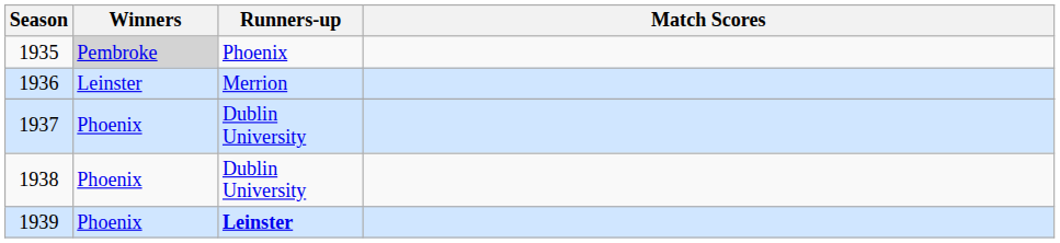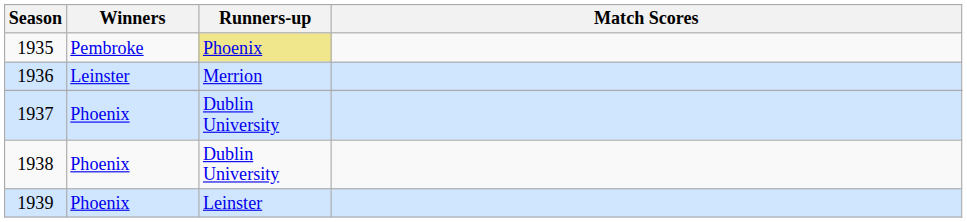 <table class="wikitable">
 <tr>
 <th>Season</th>
 <th width="110">Winners</th>
 <th width="110">Runners-up</th>
 <th width="550">Match Scores</th>
 </tr>
 <tr>
 <td align="center">1935</td>
-<td style="background: lightgrey;"><a href='#'>Pembroke</a></td>
-<td><a href='#'>Phoenix</a></td>
+<td><a href='#'>Pembroke</a></td>
+<td style="background: khaki;"><a href='#'>Phoenix</a></td>
 <td></td>
 </tr>
 <tr style="background: #D0E6FF;">
 <td align="center">1936</td>
 <td><a href='#'>Leinster</a></td>
 <td><a href='#'>Merrion</a></td>
 <td></td>
 </tr>
 <tr>
 </tr>
 <tr style="background: #D0E6FF;">
 <td align="center">1937</td>
 <td><a href='#'>Phoenix</a></td>
 <td><a href='#'>Dublin University</a></td>
 <td></td>
 </tr>
 <tr>
 <td align="center">1938</td>
 <td><a href='#'>Phoenix</a></td>
 <td><a href='#'>Dublin University</a></td>
 <td></td>
 </tr>
 <tr style="background: #D0E6FF;">
 <td align="center">1939</td>
 <td><a href='#'>Phoenix</a></td>
-<td><strong><a href='#'>Leinster</a></strong></td>
+<td><a href='#'>Leinster</a></td>
 <td></td>
 </tr>
 </table>
